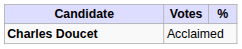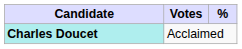 <table class="wikitable">
 <tr>
 <th style="background:#ddf; width:200px;">Candidate</th>
 <th style="background:#ddf; width:50px;">Votes</th>
 <th style="background:#ddf; width:30px;">%</th>
 </tr>
 <tr>
-<td><strong>Charles Doucet</strong></td>
+<td style="background: paleturquoise;"><strong>Charles Doucet</strong></td>
 <td colspan="2">Acclaimed</td>
 </tr>
 </table>
